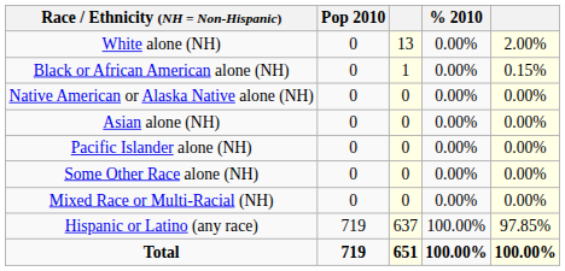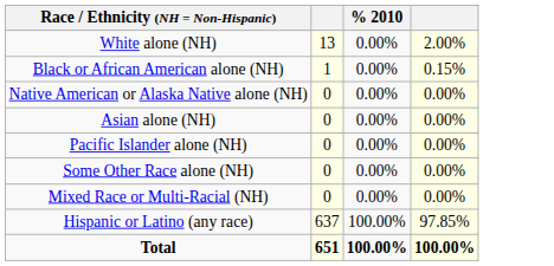 <table class="wikitable" style="text-align:center;">
 <tr>
 <th>Race / Ethnicity <small>(<em>NH = Non-Hispanic</em>)</small></th>
-<th>Pop 2010</th>
 <th></th>
 <th>% 2010</th>
 <th></th>
 </tr>
 <tr>
 <td><a href='#'>White</a> alone (NH)</td>
-<td>0</td>
 <td style='background: #ffffe6;'>13</td>
 <td>0.00%</td>
 <td style='background: #ffffe6;'>2.00%</td>
 </tr>
 <tr>
 <td><a href='#'>Black or African American</a> alone (NH)</td>
-<td>0</td>
 <td style='background: #ffffe6;'>1</td>
 <td>0.00%</td>
 <td style='background: #ffffe6;'>0.15%</td>
 </tr>
 <tr>
 <td><a href='#'>Native American</a> or <a href='#'>Alaska Native</a> alone (NH)</td>
-<td>0</td>
 <td style='background: #ffffe6;'>0</td>
 <td>0.00%</td>
 <td style='background: #ffffe6;'>0.00%</td>
 </tr>
 <tr>
 <td><a href='#'>Asian</a> alone (NH)</td>
-<td>0</td>
 <td style='background: #ffffe6;'>0</td>
 <td>0.00%</td>
 <td style='background: #ffffe6;'>0.00%</td>
 </tr>
 <tr>
 <td><a href='#'>Pacific Islander</a> alone (NH)</td>
-<td>0</td>
 <td style='background: #ffffe6;'>0</td>
 <td>0.00%</td>
 <td style='background: #ffffe6;'>0.00%</td>
 </tr>
 <tr>
 <td><a href='#'>Some Other Race</a> alone (NH)</td>
-<td>0</td>
 <td style='background: #ffffe6;'>0</td>
 <td>0.00%</td>
 <td style='background: #ffffe6;'>0.00%</td>
 </tr>
 <tr>
 <td><a href='#'>Mixed Race or Multi-Racial</a> (NH)</td>
-<td>0</td>
 <td style='background: #ffffe6;'>0</td>
 <td>0.00%</td>
 <td style='background: #ffffe6;'>0.00%</td>
 </tr>
 <tr>
 <td><a href='#'>Hispanic or Latino</a> (any race)</td>
-<td>719</td>
 <td style='background: #ffffe6;'>637</td>
 <td>100.00%</td>
 <td style='background: #ffffe6;'>97.85%</td>
 </tr>
 <tr>
 <td><strong>Total</strong></td>
-<td><strong>719</strong></td>
 <td style='background: #ffffe6;'><strong>651</strong></td>
 <td><strong>100.00%</strong></td>
 <td style='background: #ffffe6;'><strong>100.00%</strong></td>
 </tr>
 </table>
